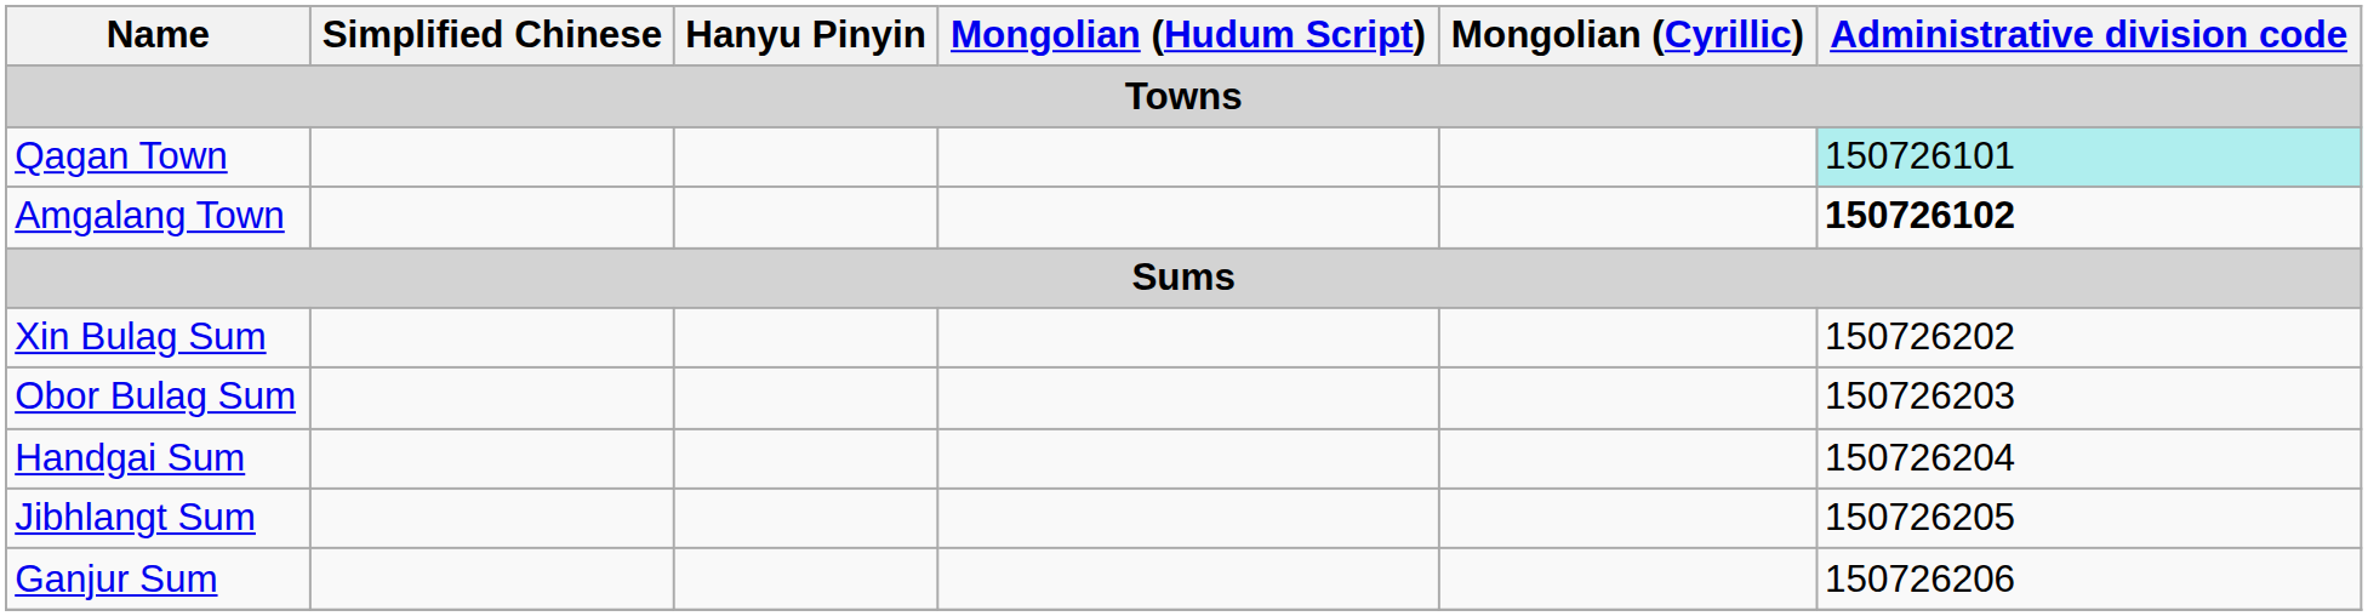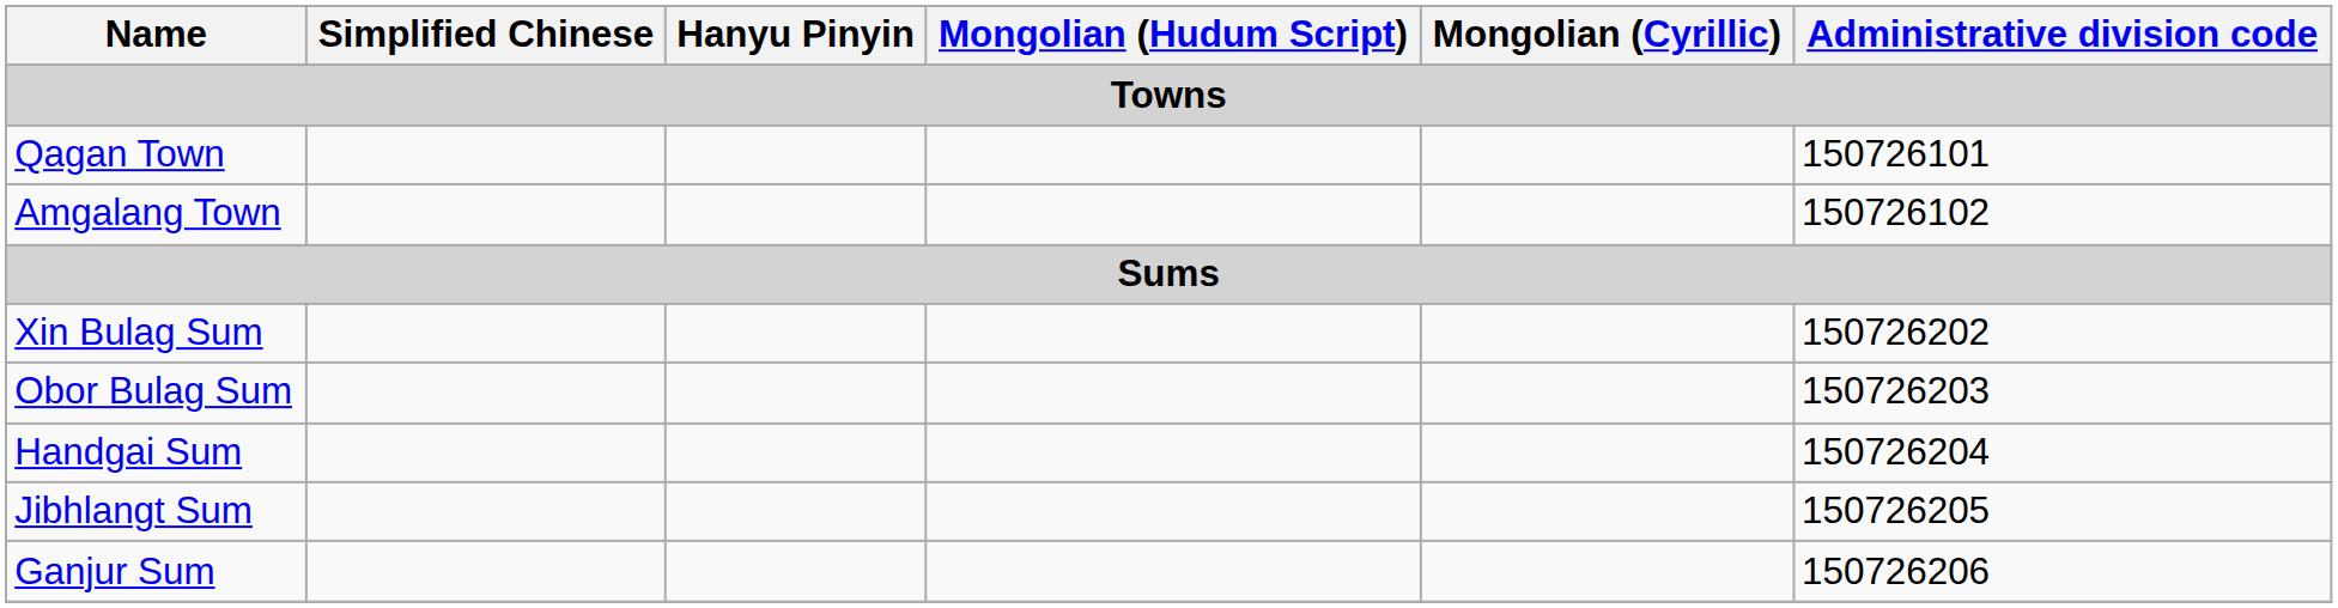 <table class="wikitable" align="center" style="width:50%; border="1">
 <tr>
 <th>Name</th>
 <th>Simplified Chinese</th>
 <th>Hanyu Pinyin</th>
 <th><a href='#'>Mongolian</a> (<a href='#'>Hudum Script</a>)</th>
 <th>Mongolian (<a href='#'>Cyrillic</a>)</th>
 <th><a href='#'>Administrative division code</a></th>
 </tr>
 <tr>
 <td colspan="6"  style="text-align:center; background:#d3d3d3;"><strong>Towns</strong></td>
 </tr>
 <tr --------->
 <td><a href='#'>Qagan Town</a></td>
 <td></td>
 <td></td>
 <td></td>
 <td></td>
-<td style="background: paleturquoise;">150726101</td>
+<td>150726101</td>
 </tr>
 <tr>
 <td><a href='#'>Amgalang Town</a></td>
 <td></td>
 <td></td>
 <td></td>
 <td></td>
-<td><strong>150726102</strong></td>
+<td>150726102</td>
 </tr>
 <tr>
 <td colspan="6"  style="text-align:center; background:#d3d3d3;"><strong>Sums</strong></td>
 </tr>
 <tr --------->
 <td><a href='#'>Xin Bulag Sum</a></td>
 <td></td>
 <td></td>
 <td></td>
 <td></td>
 <td>150726202</td>
 </tr>
 <tr>
 <td><a href='#'>Obor Bulag Sum</a></td>
 <td></td>
 <td></td>
 <td></td>
 <td></td>
 <td>150726203</td>
 </tr>
 <tr>
 <td><a href='#'>Handgai Sum</a></td>
 <td></td>
 <td></td>
 <td></td>
 <td></td>
 <td>150726204</td>
 </tr>
 <tr>
 <td><a href='#'>Jibhlangt Sum</a></td>
 <td></td>
 <td></td>
 <td></td>
 <td></td>
 <td>150726205</td>
 </tr>
 <tr>
 <td><a href='#'>Ganjur Sum</a></td>
 <td></td>
 <td></td>
 <td></td>
 <td></td>
 <td>150726206</td>
 </tr>
 <tr>
 </tr>
 </table>
